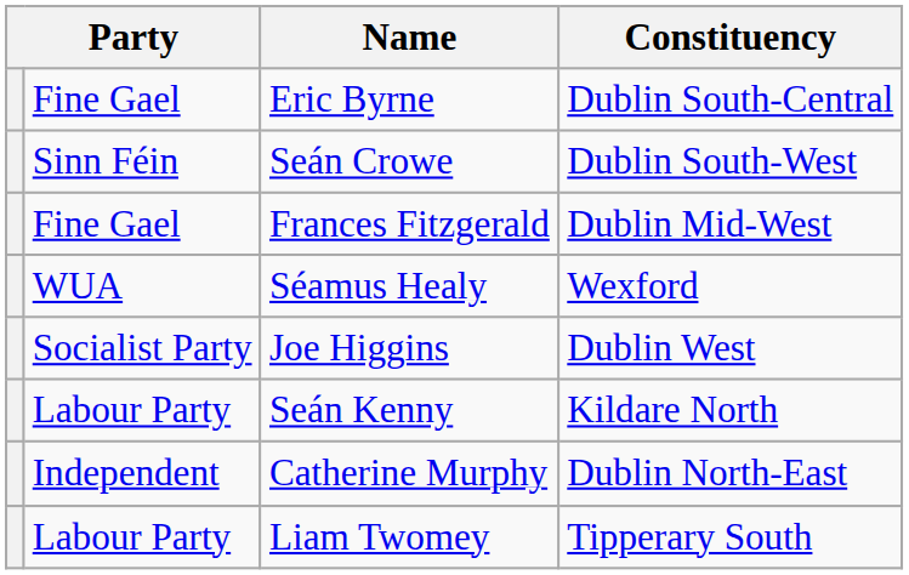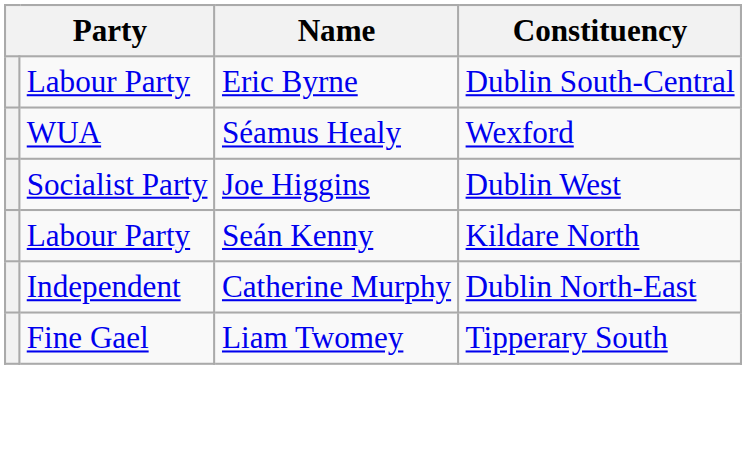 <table class="wikitable" style="font-size: 95%;">
 <tr>
 <th colspan=2>Party</th>
 <th>Name</th>
 <th>Constituency</th>
 </tr>
 <tr>
 <th style="background-color: "></th>
-<td><a href='#'>Fine Gael</a></td>
+<td><a href='#'>Labour Party</a></td>
 <td><a href='#'>Eric Byrne</a></td>
 <td><a href='#'>Dublin South-Central</a></td>
-</tr>
-<tr>
-<th style="background-color: "></th>
-<td><a href='#'>Sinn Féin</a></td>
-<td><a href='#'>Seán Crowe</a></td>
-<td><a href='#'>Dublin South-West</a></td>
-</tr>
-<tr>
-<th style="background-color: "></th>
-<td><a href='#'>Fine Gael</a></td>
-<td><a href='#'>Frances Fitzgerald</a></td>
-<td><a href='#'>Dublin Mid-West</a></td>
 </tr>
 <tr>
 <th style="background-color: "></th>
 <td><a href='#'>WUA</a></td>
 <td><a href='#'>Séamus Healy</a></td>
 <td><a href='#'>Wexford</a></td>
 </tr>
 <tr>
 <th style="background-color: "></th>
 <td><a href='#'>Socialist Party</a></td>
 <td><a href='#'>Joe Higgins</a></td>
 <td><a href='#'>Dublin West</a></td>
 </tr>
 <tr>
 <th style="background-color: "></th>
 <td><a href='#'>Labour Party</a></td>
 <td><a href='#'>Seán Kenny</a></td>
 <td><a href='#'>Kildare North</a></td>
 </tr>
 <tr>
 <th style="background-color: "></th>
 <td><a href='#'>Independent</a></td>
 <td><a href='#'>Catherine Murphy</a></td>
 <td><a href='#'>Dublin North-East</a></td>
 </tr>
 <tr>
 <th style="background-color: "></th>
-<td><a href='#'>Labour Party</a></td>
+<td><a href='#'>Fine Gael</a></td>
 <td><a href='#'>Liam Twomey</a></td>
 <td><a href='#'>Tipperary South</a></td>
 </tr>
 </table>
